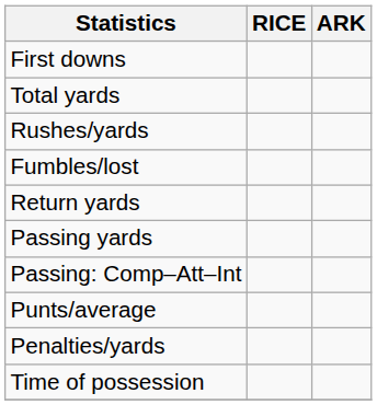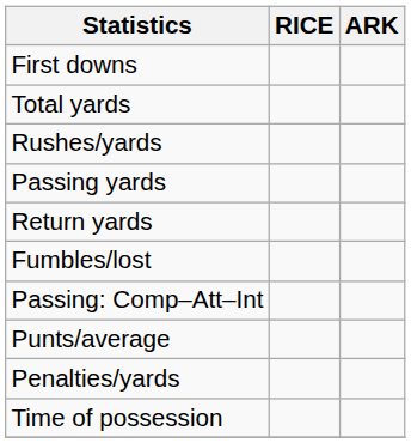 <table class="wikitable" style="float: left;">
 <tr>
 <th>Statistics</th>
 <th>RICE</th>
 <th>ARK</th>
 </tr>
 <tr>
 <td>First downs</td>
 <td></td>
 <td></td>
 </tr>
 <tr>
 <td>Total yards</td>
 <td></td>
 <td></td>
 </tr>
 <tr>
 <td>Rushes/yards</td>
 <td></td>
 <td></td>
 </tr>
 <tr>
-<td>Fumbles/lost</td>
+<td>Passing yards</td>
 <td></td>
 <td></td>
 </tr>
 <tr>
 <td>Return yards</td>
 <td></td>
 <td></td>
 </tr>
 <tr>
-<td>Passing yards</td>
+<td>Fumbles/lost</td>
 <td></td>
 <td></td>
 </tr>
 <tr>
 <td>Passing: Comp–Att–Int</td>
 <td></td>
 <td></td>
 </tr>
 <tr>
 <td>Punts/average</td>
 <td></td>
 <td></td>
 </tr>
 <tr>
 <td>Penalties/yards</td>
 <td></td>
 <td></td>
 </tr>
 <tr>
 <td>Time of possession</td>
 <td></td>
 <td></td>
 </tr>
 <tr>
 </tr>
 </table>
